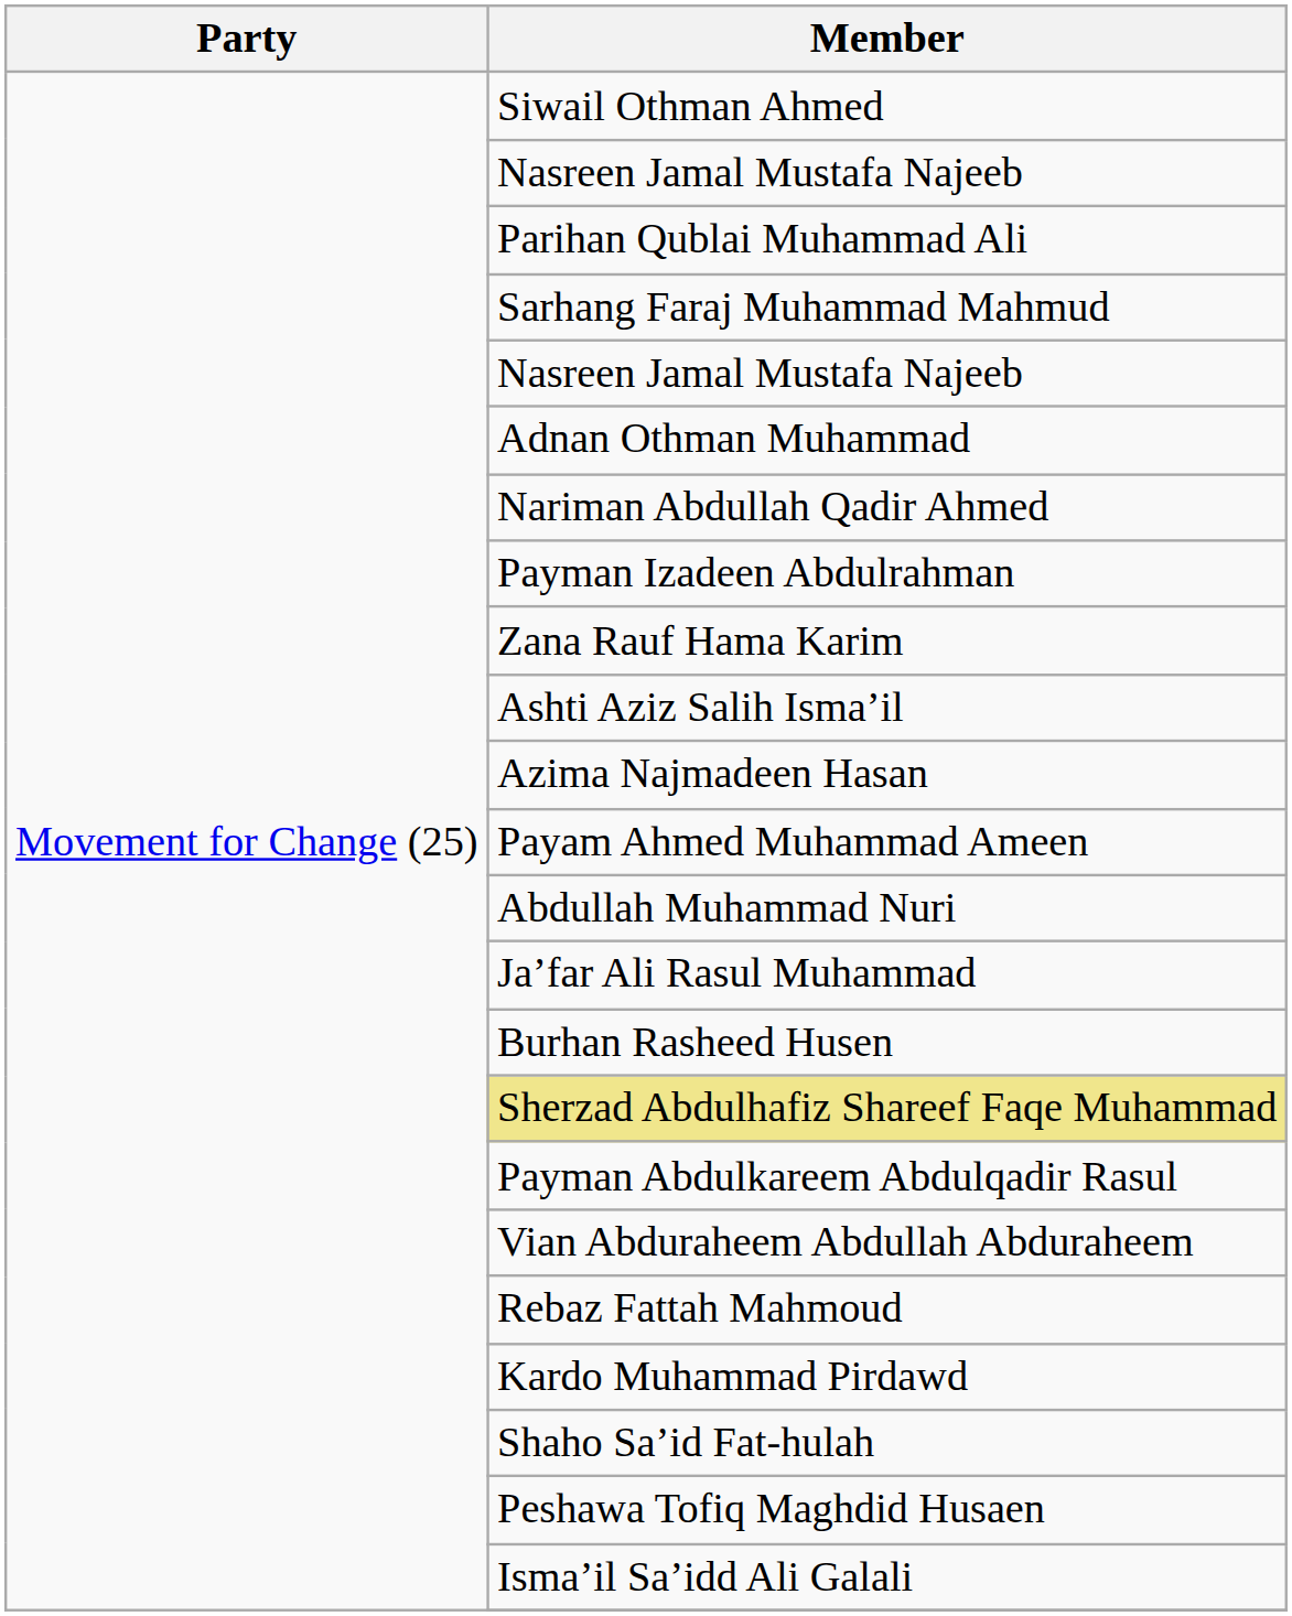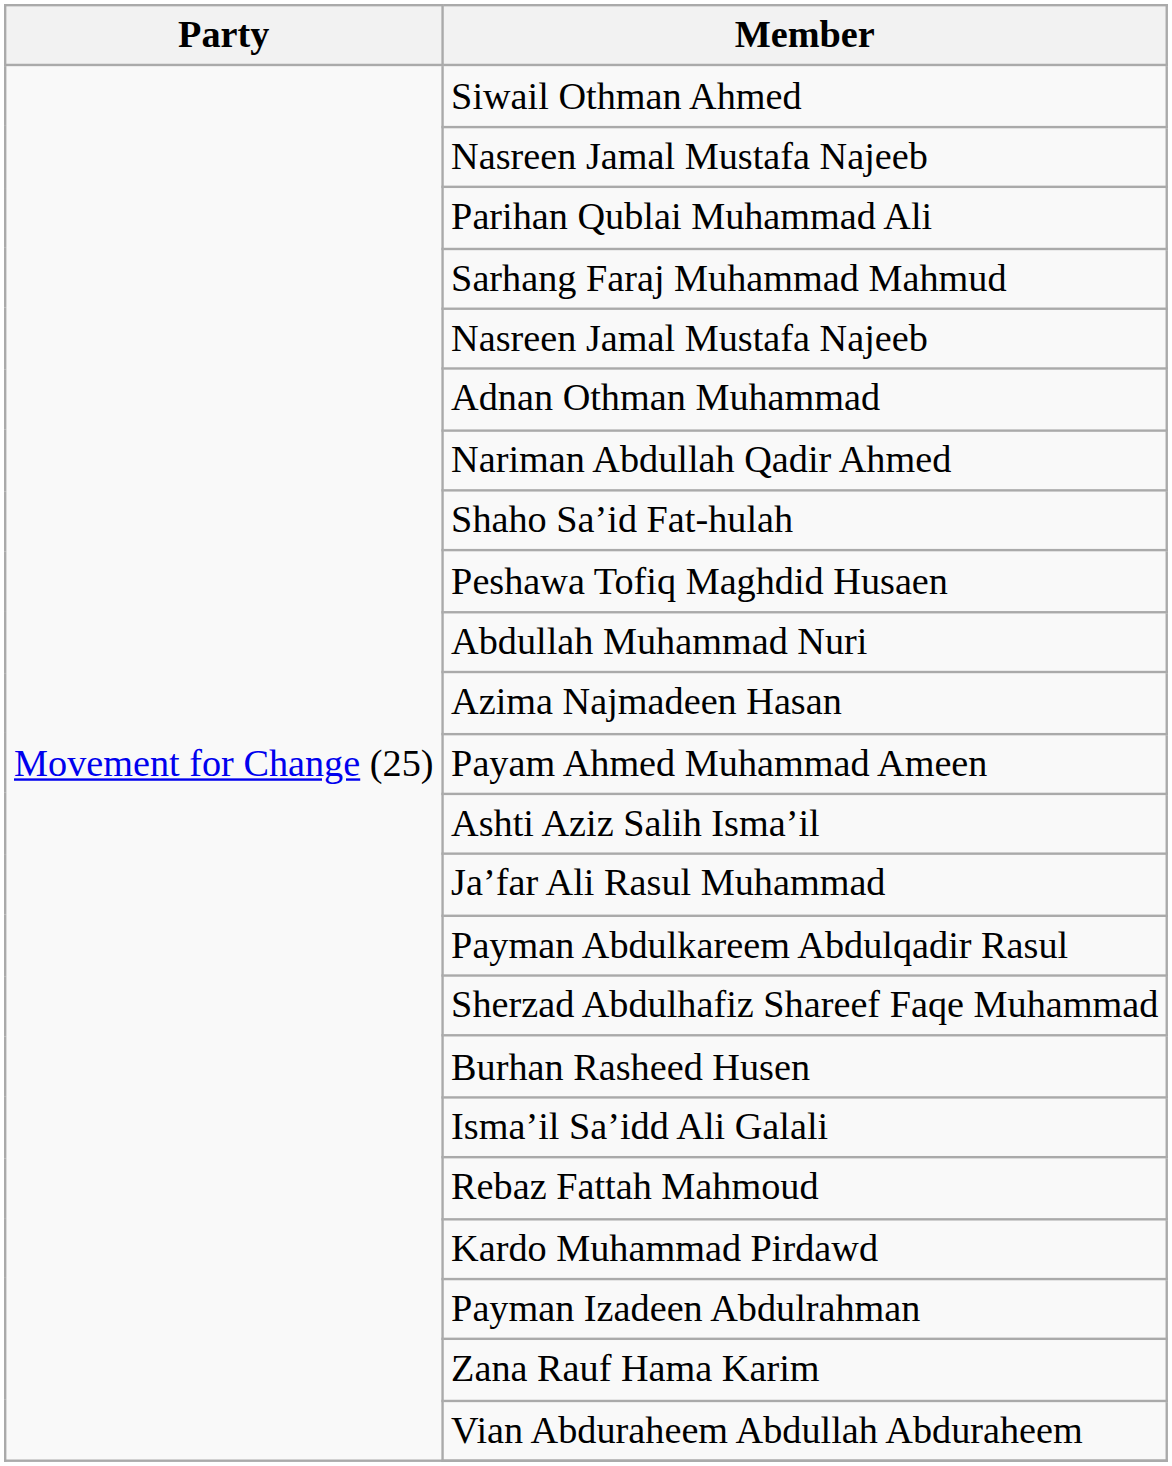 <table class=wikitable>
 <tr>
 <th>Party</th>
 <th>Member</th>
 </tr>
 <tr>
 <td rowspan=25> <a href='#'>Movement for Change</a> (25)</td>
 <td>Siwail Othman Ahmed</td>
 </tr>
 <tr>
 <td>Nasreen Jamal Mustafa Najeeb</td>
 </tr>
 <tr>
 <td>Parihan Qublai Muhammad Ali</td>
 </tr>
 <tr>
 <td>Sarhang Faraj Muhammad Mahmud</td>
 </tr>
 <tr>
 <td>Nasreen Jamal Mustafa Najeeb</td>
 </tr>
 <tr>
 <td>Adnan Othman Muhammad</td>
 </tr>
 <tr>
 <td>Nariman Abdullah Qadir Ahmed</td>
 </tr>
 <tr>
-<td>Payman Izadeen Abdulrahman</td>
+<td>Shaho Sa’id Fat-hulah</td>
 </tr>
 <tr>
-<td>Zana Rauf Hama Karim</td>
+<td>Peshawa Tofiq Maghdid Husaen</td>
 </tr>
 <tr>
-<td>Ashti Aziz Salih Isma’il</td>
+<td>Abdullah Muhammad Nuri</td>
 </tr>
 <tr>
 <td>Azima Najmadeen Hasan</td>
 </tr>
 <tr>
 <td>Payam Ahmed Muhammad Ameen</td>
 </tr>
 <tr>
-<td>Abdullah Muhammad Nuri</td>
+<td>Ashti Aziz Salih Isma’il</td>
 </tr>
 <tr>
 <td>Ja’far Ali Rasul Muhammad</td>
 </tr>
 <tr>
+<td>Payman Abdulkareem Abdulqadir Rasul</td>
+</tr>
+<tr>
+<td>Sherzad Abdulhafiz Shareef Faqe Muhammad</td>
+</tr>
+<tr>
 <td>Burhan Rasheed Husen</td>
 </tr>
 <tr>
-<td style="background: khaki;">Sherzad Abdulhafiz Shareef Faqe Muhammad</td>
-</tr>
-<tr>
-<td>Payman Abdulkareem Abdulqadir Rasul</td>
-</tr>
-<tr>
-<td>Vian Abduraheem Abdullah Abduraheem</td>
+<td>Isma’il Sa’idd Ali Galali</td>
 </tr>
 <tr>
 <td>Rebaz Fattah Mahmoud</td>
 </tr>
 <tr>
 <td>Kardo Muhammad Pirdawd</td>
 </tr>
 <tr>
-<td>Shaho Sa’id Fat-hulah</td>
+<td>Payman Izadeen Abdulrahman</td>
 </tr>
 <tr>
-<td>Peshawa Tofiq Maghdid Husaen</td>
+<td>Zana Rauf Hama Karim</td>
 </tr>
 <tr>
-<td>Isma’il Sa’idd Ali Galali</td>
+<td>Vian Abduraheem Abdullah Abduraheem</td>
 </tr>
 <tr>
 </tr>
 </table>
